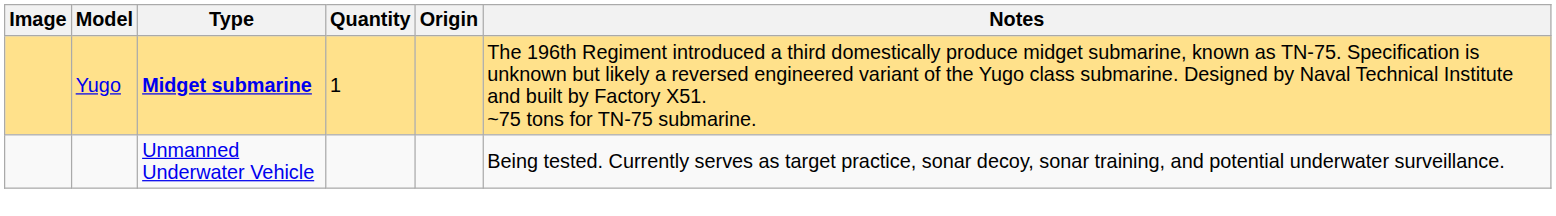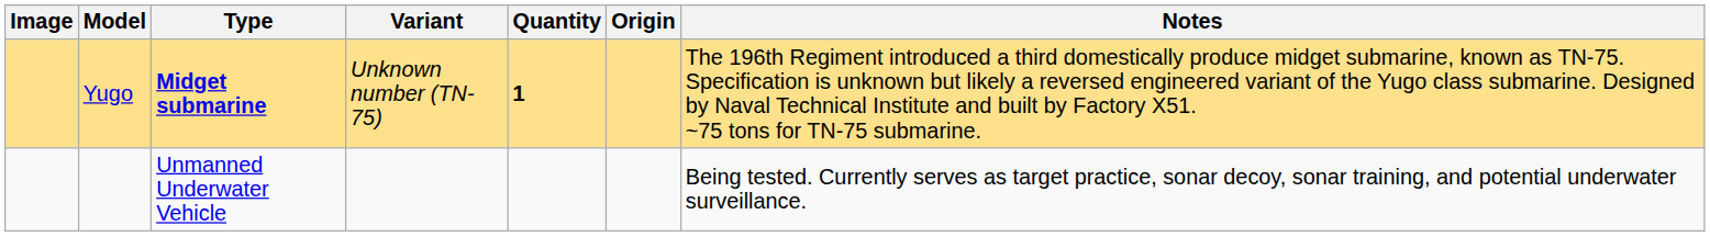 <table class="wikitable">
 <tr>
 <th>Image</th>
 <th>Model</th>
 <th>Type</th>
+<th>Variant</th>
 <th>Quantity</th>
 <th>Origin</th>
 <th>Notes</th>
 </tr>
 <tr>
 <td style="background: #FFE18B"></td>
 <td style="background: #FFE18B"><a href='#'>Yugo</a></td>
 <td style="background: #FFE18B"><strong><a href='#'>Midget submarine</a></strong></td>
-<td style="background: #FFE18B">1</td>
+<td style="background: #FFE18B"><em>Unknown number (TN-75)</em></td>
+<td style="background: #FFE18B"><strong>1</strong></td>
 <td style="background: #FFE18B"><br></td>
 <td style="background: #FFE18B">The 196th Regiment introduced a third domestically produce midget submarine, known as TN-75. Specification is unknown but likely a reversed engineered variant of the Yugo class submarine. Designed by Naval Technical Institute and built by Factory X51.<br>~75 tons for TN-75 submarine.</td>
 </tr>
 <tr>
 <td></td>
 <td></td>
 <td><a href='#'>Unmanned Underwater Vehicle</a></td>
 <td></td>
 <td></td>
+<td></td>
 <td>Being tested. Currently serves as target practice, sonar decoy, sonar training, and potential underwater surveillance.</td>
 </tr>
 </table>
